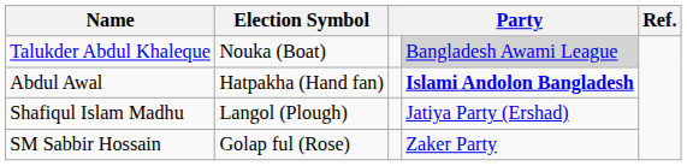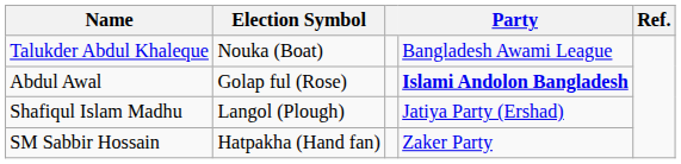 <table class="wikitable">
 <tr>
 <th colspan="1">Name</th>
 <th>Election Symbol</th>
 <th class="unsortable"> </th>
 <th style="border-left-style:hidden; padding:0.1em 0;"><a href='#'>Party</a></th>
 <th>Ref.</th>
 </tr>
 <tr>
 <td><a href='#'>Talukder Abdul Khaleque</a></td>
 <td>Nouka (Boat)</td>
 <td></td>
-<td style="background: lightgrey;"><a href='#'>Bangladesh Awami League</a></td>
+<td><a href='#'>Bangladesh Awami League</a></td>
 <td rowspan="7"></td>
 </tr>
 <tr>
 <td>Abdul Awal</td>
-<td>Hatpakha (Hand fan)</td>
+<td>Golap ful (Rose)</td>
 <td></td>
 <td><strong><a href='#'>Islami Andolon Bangladesh</a></strong></td>
 </tr>
 <tr>
 <td>Shafiqul Islam Madhu</td>
 <td>Langol (Plough)</td>
 <td></td>
 <td><a href='#'>Jatiya Party (Ershad)</a></td>
 </tr>
 <tr>
 <td>SM Sabbir Hossain</td>
-<td>Golap ful (Rose)</td>
+<td>Hatpakha (Hand fan)</td>
 <td></td>
 <td><a href='#'>Zaker Party</a></td>
 </tr>
 </table>
